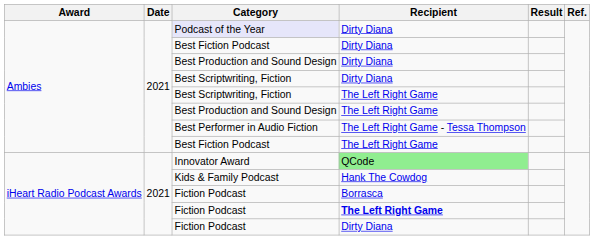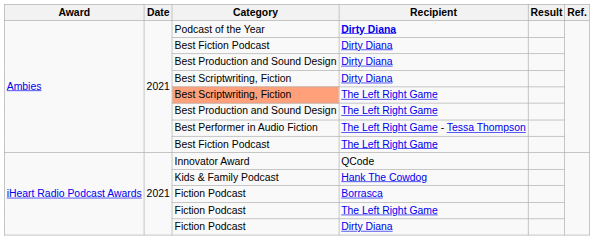 <table class="wikitable sortable">
 <tr>
 <th>Award</th>
 <th>Date</th>
 <th>Category</th>
 <th>Recipient</th>
 <th>Result</th>
 <th>Ref.</th>
 </tr>
 <tr>
 <td rowspan="8"><a href='#'>Ambies</a></td>
 <td rowspan="8">2021</td>
-<td style="background: lavender;">Podcast of the Year</td>
-<td><a href='#'>Dirty Diana</a></td>
+<td>Podcast of the Year</td>
+<td><strong><a href='#'>Dirty Diana</a></strong></td>
 <td></td>
 <td rowspan="8"></td>
 </tr>
 <tr>
 <td>Best Fiction Podcast</td>
 <td><a href='#'>Dirty Diana</a></td>
 <td></td>
 </tr>
 <tr>
 <td>Best Production and Sound Design</td>
 <td><a href='#'>Dirty Diana</a></td>
 <td></td>
 </tr>
 <tr>
 <td>Best Scriptwriting, Fiction</td>
 <td><a href='#'>Dirty Diana</a></td>
 <td></td>
 </tr>
 <tr>
-<td>Best Scriptwriting, Fiction</td>
+<td style="background: lightsalmon;">Best Scriptwriting, Fiction</td>
 <td><a href='#'>The Left Right Game</a></td>
 <td></td>
 </tr>
 <tr>
 <td>Best Production and Sound Design</td>
 <td><a href='#'>The Left Right Game</a></td>
 <td></td>
 </tr>
 <tr>
 <td>Best Performer in Audio Fiction</td>
 <td><a href='#'>The Left Right Game</a> - <a href='#'>Tessa Thompson</a></td>
 <td></td>
 </tr>
 <tr>
 <td>Best Fiction Podcast</td>
 <td><a href='#'>The Left Right Game</a></td>
 <td></td>
 </tr>
 <tr>
 <td rowspan="5"><a href='#'>iHeart Radio Podcast Awards</a></td>
 <td rowspan="5">2021</td>
 <td>Innovator Award</td>
-<td style="background: lightgreen;">QCode</td>
+<td>QCode</td>
 <td></td>
 <td rowspan="5"></td>
 </tr>
 <tr>
 <td>Kids & Family Podcast</td>
 <td><a href='#'>Hank The Cowdog</a></td>
 <td></td>
 </tr>
 <tr>
 <td>Fiction Podcast</td>
 <td><a href='#'>Borrasca</a></td>
 <td></td>
 </tr>
 <tr>
 <td>Fiction Podcast</td>
-<td><strong><a href='#'>The Left Right Game</a></strong></td>
+<td><a href='#'>The Left Right Game</a></td>
 <td></td>
 </tr>
 <tr>
 <td>Fiction Podcast</td>
 <td><a href='#'>Dirty Diana</a></td>
 <td></td>
 </tr>
 </table>
